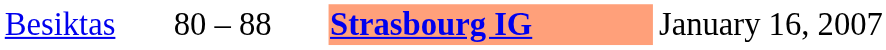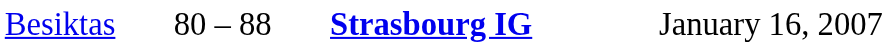 <table style="text-align:center">
 <tr>
 <th width=160></th>
 <th width=100></th>
 <th width=160></th>
 <th width=200></th>
 </tr>
 <tr>
 <td align="right"><a href='#'>Besiktas</a> </td>
 <td>80 – 88</td>
-<td align=left style="background: lightsalmon;"> <strong><a href='#'>Strasbourg IG</a></strong></td>
+<td align=left> <strong><a href='#'>Strasbourg IG</a></strong></td>
 <td align=left>January 16, 2007</td>
 </tr>
 </table>
